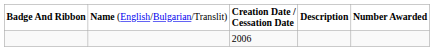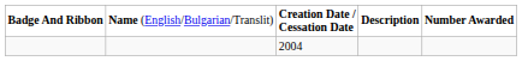 <table class="wikitable">
 <tr bgcolor="#FFFFFF">
 <td><strong>Badge And Ribbon</strong></td>
 <td><strong>Name</strong> (<a href='#'>English</a>/<a href='#'>Bulgarian</a>/Translit)</td>
 <td><strong>Creation Date /<br>Cessation Date</strong></td>
 <td><strong>Description</strong></td>
 <td><strong>Number Awarded</strong></td>
 </tr>
 <tr>
 <td></td>
 <td></td>
-<td>2006</td>
+<td>2004</td>
 <td></td>
 <td></td>
 </tr>
 </table>
